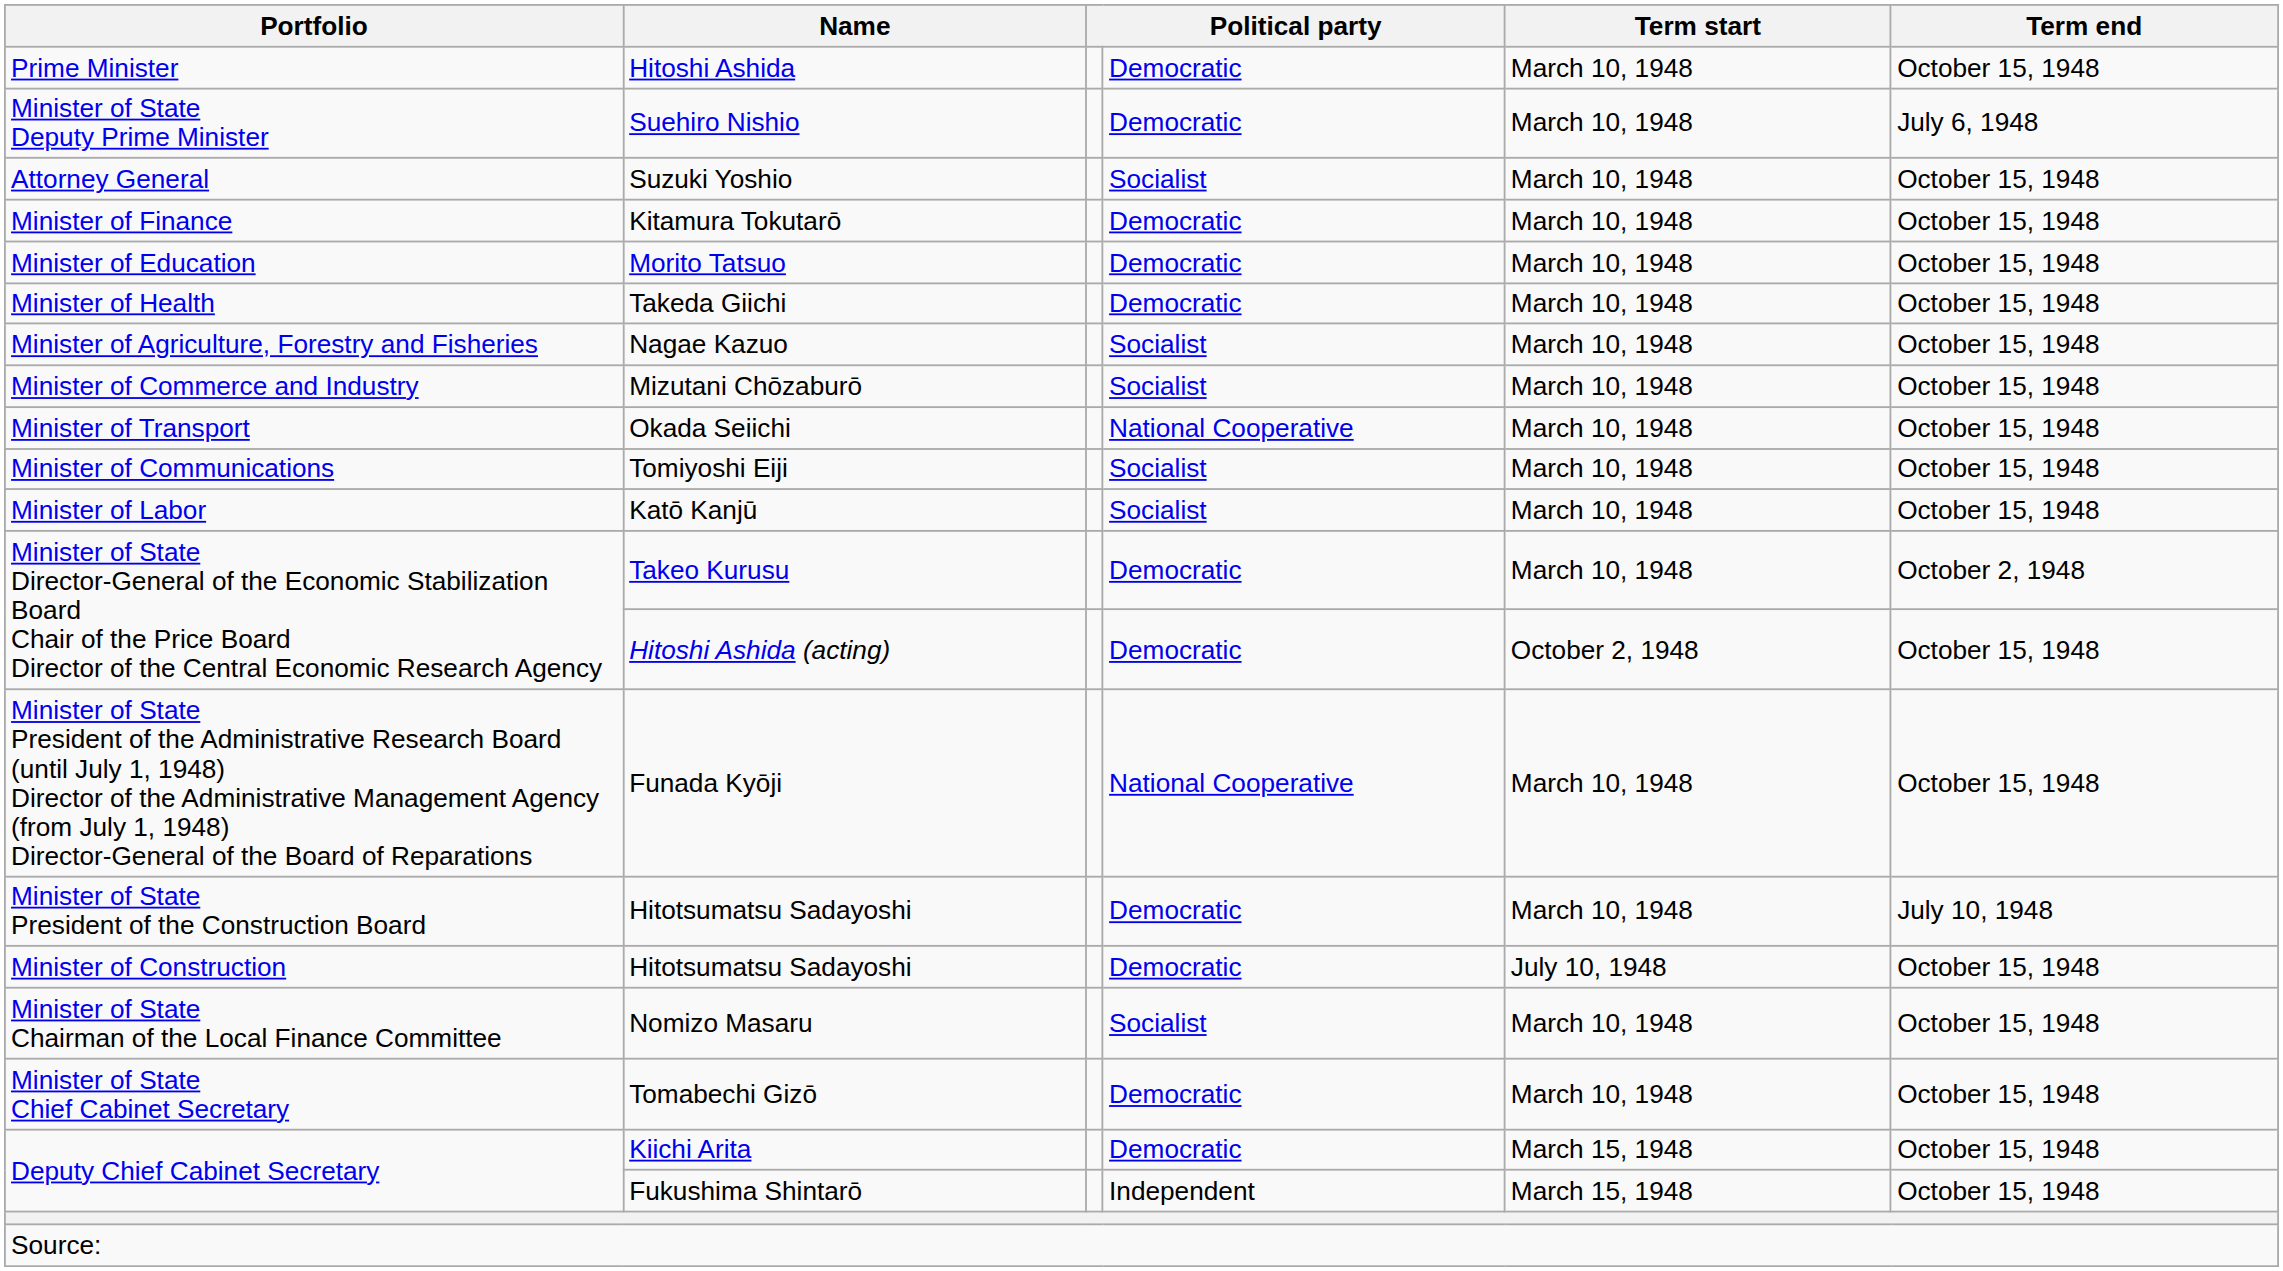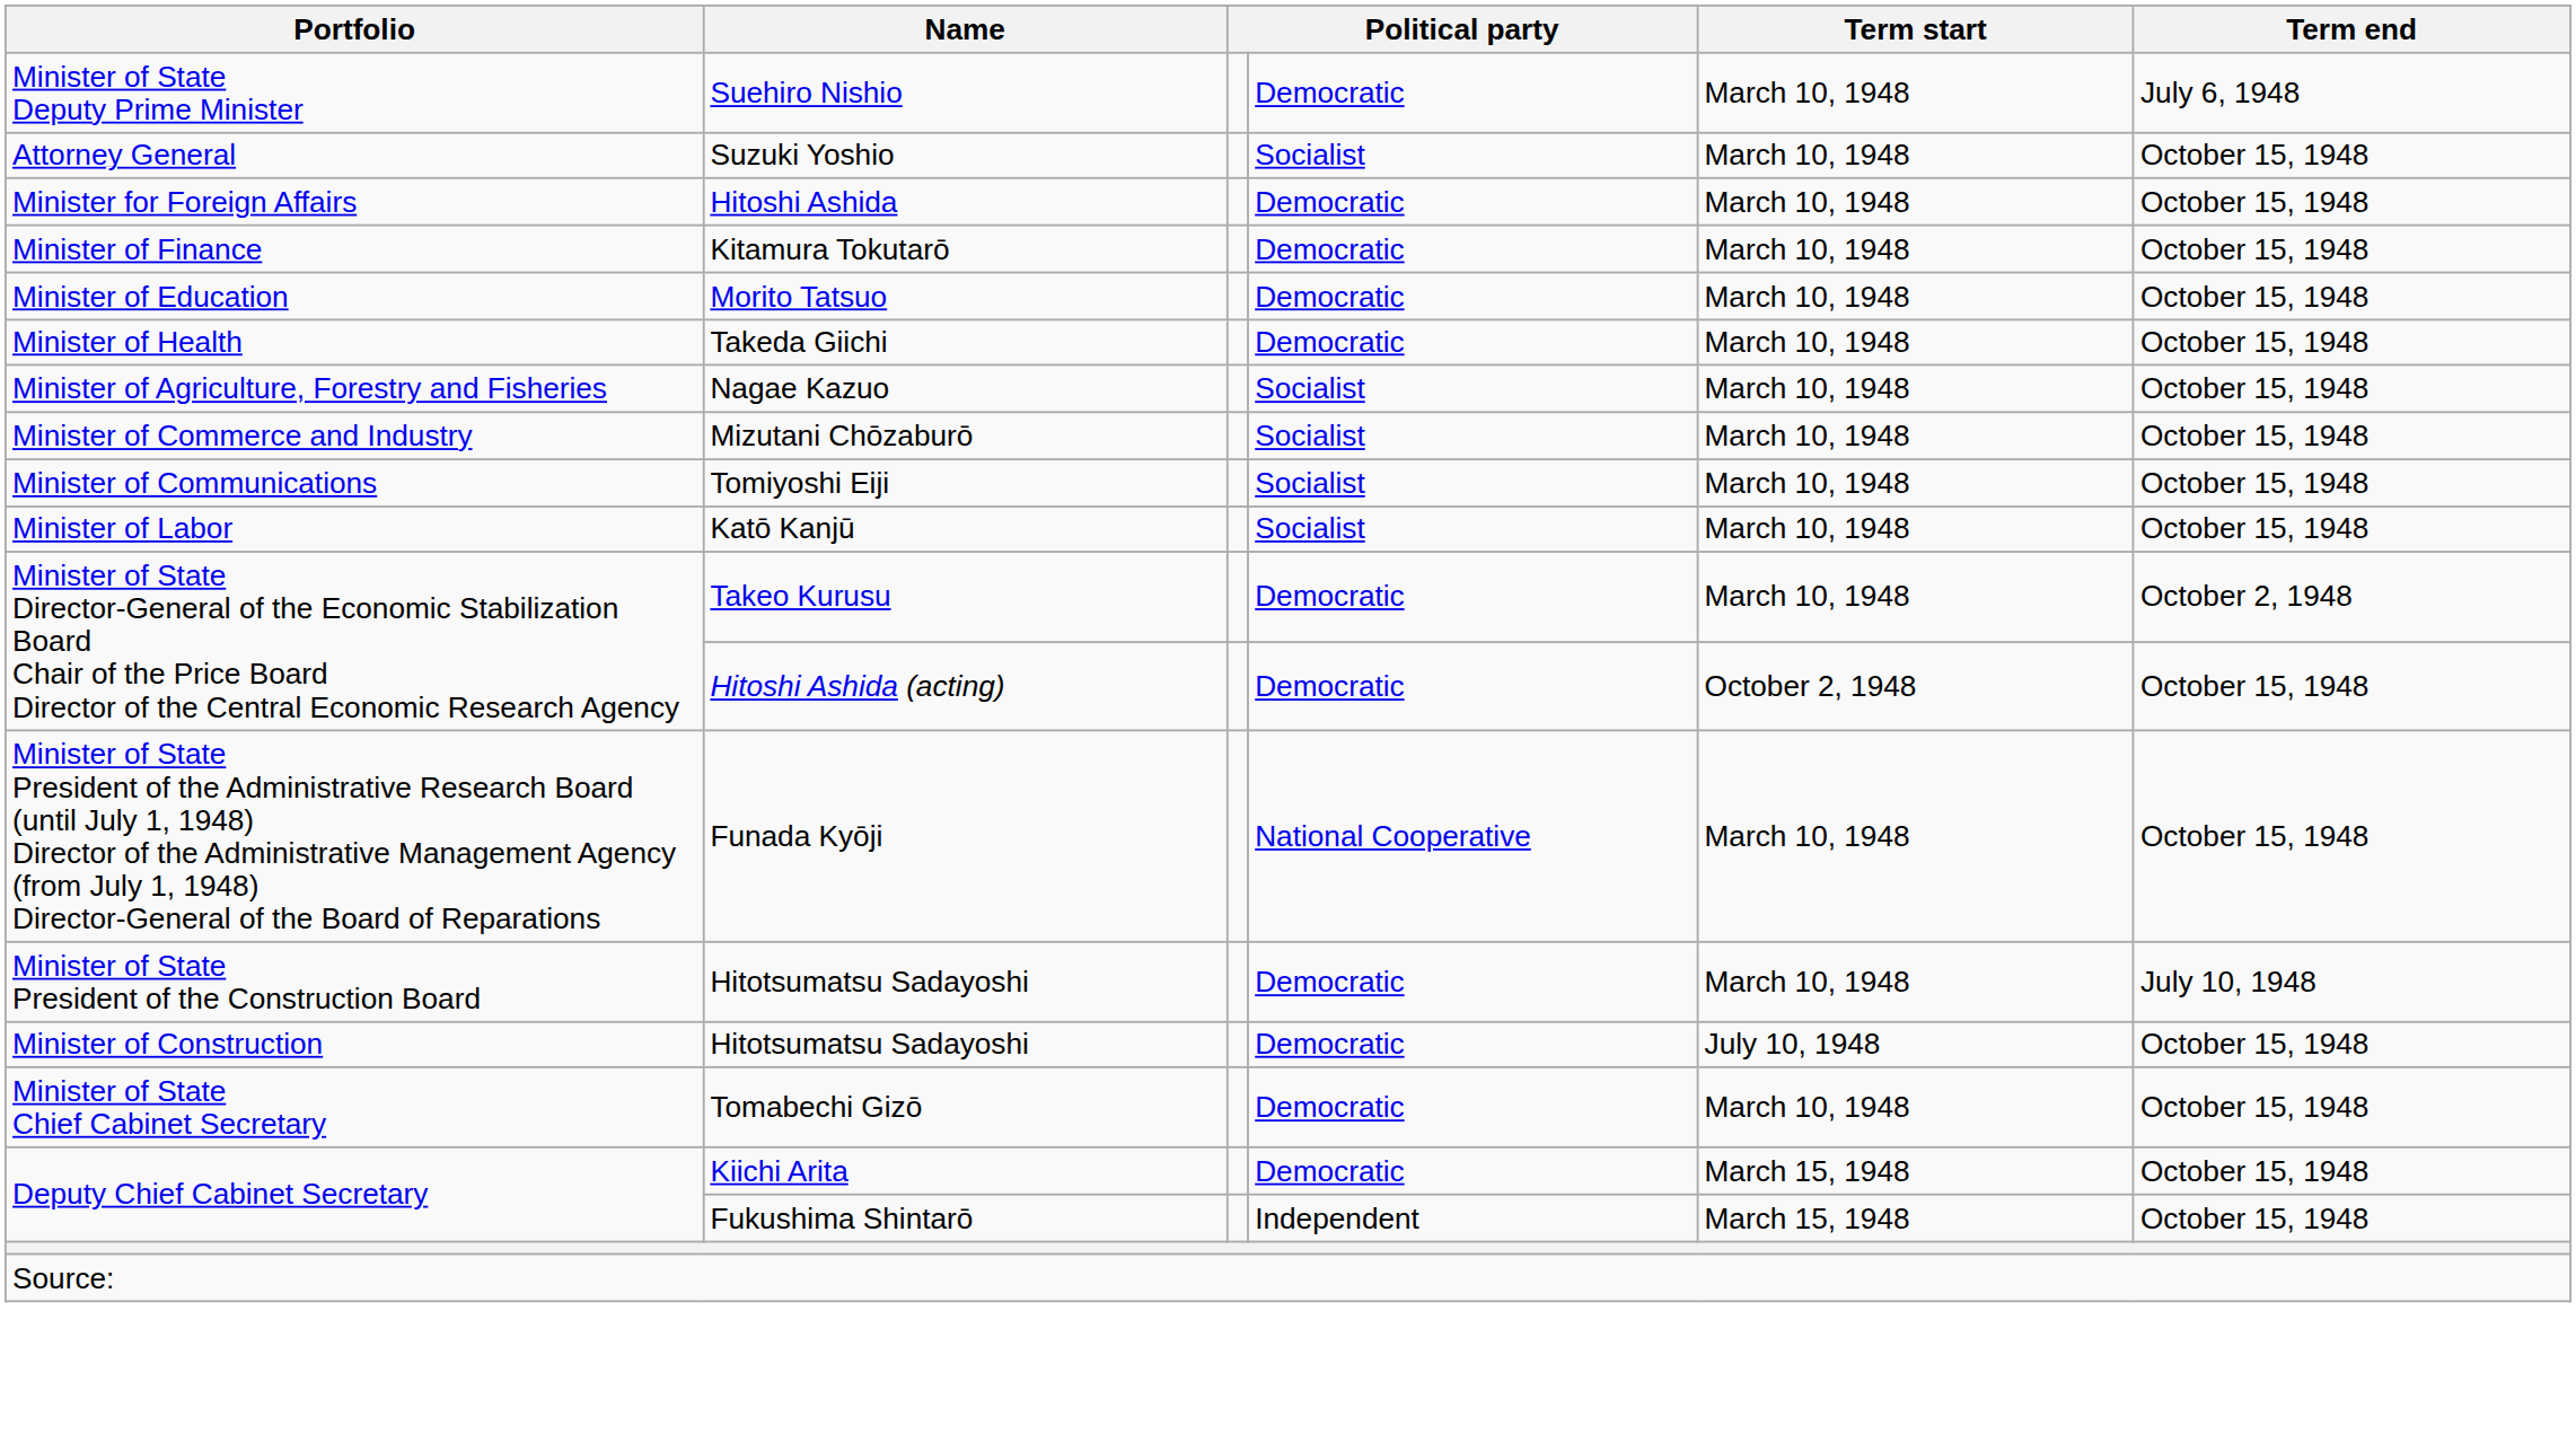 <table class="wikitable" style="font-size: 90%;">
 <tr>
 <th scope="col" width="20%">Portfolio</th>
 <th scope="col" width="15%">Name</th>
 <th colspan="2" scope="col" width="13.5%">Political party</th>
 <th scope="col" width="12.5%">Term start</th>
 <th scope="col" width="12.5%">Term end</th>
-</tr>
-<tr>
-<td style="text-align: left;"><a href='#'>Prime Minister</a></td>
-<td><a href='#'>Hitoshi Ashida</a></td>
-<td width="0.5%" style="background:"></td>
-<td><a href='#'>Democratic</a></td>
-<td>March 10, 1948</td>
-<td>October 15, 1948</td>
 </tr>
 <tr>
 <td><a href='#'>Minister of State</a><br><a href='#'>Deputy Prime Minister</a></td>
 <td><a href='#'>Suehiro Nishio</a></td>
 <td style="color:inherit;background:"></td>
 <td><a href='#'>Democratic</a></td>
 <td>March 10, 1948</td>
 <td>July 6, 1948</td>
 </tr>
 <tr>
 <td><a href='#'>Attorney General</a></td>
 <td>Suzuki Yoshio</td>
 <td style="color:inherit;background:"></td>
 <td><a href='#'>Socialist</a></td>
+<td>March 10, 1948</td>
+<td>October 15, 1948</td>
+</tr>
+<tr>
+<td><a href='#'>Minister for Foreign Affairs</a></td>
+<td><a href='#'>Hitoshi Ashida</a></td>
+<td style="color:inherit;background:"></td>
+<td><a href='#'>Democratic</a></td>
 <td>March 10, 1948</td>
 <td>October 15, 1948</td>
 </tr>
 <tr>
 <td><a href='#'>Minister of Finance</a></td>
 <td>Kitamura Tokutarō</td>
 <td style="color:inherit;background:"></td>
 <td><a href='#'>Democratic</a></td>
 <td>March 10, 1948</td>
 <td>October 15, 1948</td>
 </tr>
 <tr>
 <td><a href='#'>Minister of Education</a></td>
 <td><a href='#'>Morito Tatsuo</a></td>
 <td style="color:inherit;background:"></td>
 <td><a href='#'>Democratic</a></td>
 <td>March 10, 1948</td>
 <td>October 15, 1948</td>
 </tr>
 <tr>
 <td><a href='#'>Minister of Health</a></td>
 <td>Takeda Giichi</td>
 <td style="color:inherit;background:"></td>
 <td><a href='#'>Democratic</a></td>
 <td>March 10, 1948</td>
 <td>October 15, 1948</td>
 </tr>
 <tr>
 <td><a href='#'>Minister of Agriculture, Forestry and Fisheries</a></td>
 <td>Nagae Kazuo</td>
 <td style="color:inherit;background:"></td>
 <td><a href='#'>Socialist</a></td>
 <td>March 10, 1948</td>
 <td>October 15, 1948</td>
 </tr>
 <tr>
 <td><a href='#'>Minister of Commerce and Industry</a></td>
 <td>Mizutani Chōzaburō</td>
 <td style="color:inherit;background:"></td>
 <td><a href='#'>Socialist</a></td>
-<td>March 10, 1948</td>
-<td>October 15, 1948</td>
-</tr>
-<tr>
-<td><a href='#'>Minister of Transport</a></td>
-<td>Okada Seiichi</td>
-<td style="color:inherit;background:"></td>
-<td><a href='#'>National Cooperative</a></td>
 <td>March 10, 1948</td>
 <td>October 15, 1948</td>
 </tr>
 <tr>
 <td><a href='#'>Minister of Communications</a></td>
 <td>Tomiyoshi Eiji</td>
 <td style="color:inherit;background:"></td>
 <td><a href='#'>Socialist</a></td>
 <td>March 10, 1948</td>
 <td>October 15, 1948</td>
 </tr>
 <tr>
 <td><a href='#'>Minister of Labor</a></td>
 <td>Katō Kanjū</td>
 <td style="color:inherit;background:"></td>
 <td><a href='#'>Socialist</a></td>
 <td>March 10, 1948</td>
 <td>October 15, 1948</td>
 </tr>
 <tr>
 <td rowspan="2"><a href='#'>Minister of State</a><br>Director-General of the Economic Stabilization Board<br>Chair of the Price Board<br>Director of the Central Economic Research Agency</td>
 <td><a href='#'>Takeo Kurusu</a></td>
 <td style="color:inherit;background:"></td>
 <td><a href='#'>Democratic</a></td>
 <td>March 10, 1948</td>
 <td>October 2, 1948</td>
 </tr>
 <tr>
 <td><em><a href='#'>Hitoshi Ashida</a> (acting)</em></td>
 <td style="color:inherit;background:"></td>
 <td><a href='#'>Democratic</a></td>
 <td>October 2, 1948</td>
 <td>October 15, 1948</td>
 </tr>
 <tr>
 <td><a href='#'>Minister of State</a><br>President of the Administrative Research Board (until July 1, 1948)<br>Director of the Administrative Management Agency (from July 1, 1948)<br>Director-General of the Board of Reparations</td>
 <td>Funada Kyōji</td>
 <td style="color:inherit;background:"></td>
 <td><a href='#'>National Cooperative</a></td>
 <td>March 10, 1948</td>
 <td>October 15, 1948</td>
 </tr>
 <tr>
 <td><a href='#'>Minister of State</a><br>President of the Construction Board</td>
 <td>Hitotsumatsu Sadayoshi</td>
 <td style="color:inherit;background:"></td>
 <td><a href='#'>Democratic</a></td>
 <td>March 10, 1948</td>
 <td>July 10, 1948</td>
 </tr>
 <tr>
 <td><a href='#'>Minister of Construction</a></td>
 <td>Hitotsumatsu Sadayoshi</td>
 <td style="color:inherit;background:"></td>
 <td><a href='#'>Democratic</a></td>
 <td>July 10, 1948</td>
 <td>October 15, 1948</td>
 </tr>
 <tr>
-<td><a href='#'>Minister of State</a><br>Chairman of the Local Finance Committee</td>
-<td>Nomizo Masaru</td>
-<td style="color:inherit;background:"></td>
-<td><a href='#'>Socialist</a></td>
-<td>March 10, 1948</td>
-<td>October 15, 1948</td>
-</tr>
-<tr>
 <td><a href='#'>Minister of State</a><br><a href='#'>Chief Cabinet Secretary</a></td>
 <td>Tomabechi Gizō</td>
 <td style="color:inherit;background:"></td>
 <td><a href='#'>Democratic</a></td>
 <td>March 10, 1948</td>
 <td>October 15, 1948</td>
 </tr>
 <tr>
 <td rowspan="2"><a href='#'>Deputy Chief Cabinet Secretary</a></td>
 <td><a href='#'>Kiichi Arita</a></td>
 <td style="color:inherit;background:"></td>
 <td><a href='#'>Democratic</a></td>
 <td>March 15, 1948</td>
 <td>October 15, 1948</td>
 </tr>
 <tr>
 <td>Fukushima Shintarō</td>
 <td style="color:inherit;background:"></td>
 <td>Independent</td>
 <td>March 15, 1948</td>
 <td>October 15, 1948</td>
 </tr>
 <tr>
 <th colspan="6"></th>
 </tr>
 <tr>
 <td colspan="6">Source:</td>
 </tr>
 </table>
